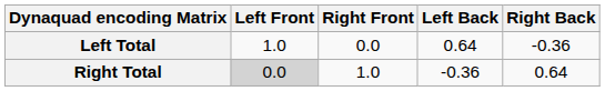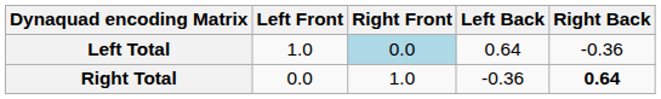 <table class="wikitable" style="text-align:center">
 <tr>
 <th>Dynaquad encoding Matrix</th>
 <th>Left Front</th>
 <th>Right Front</th>
 <th>Left Back</th>
 <th>Right Back</th>
 </tr>
 <tr>
 <th>Left Total</th>
 <td>1.0</td>
-<td>0.0</td>
+<td style="background: lightblue;">0.0</td>
 <td>0.64</td>
 <td>-0.36</td>
 </tr>
 <tr>
 <th>Right  Total</th>
-<td style="background: lightgrey;">0.0</td>
+<td>0.0</td>
 <td>1.0</td>
 <td>-0.36</td>
-<td>0.64</td>
+<td><strong>0.64</strong></td>
 </tr>
 </table>
